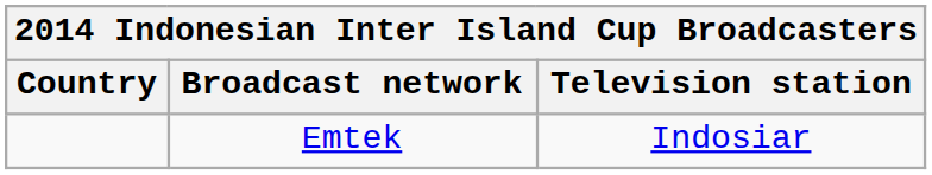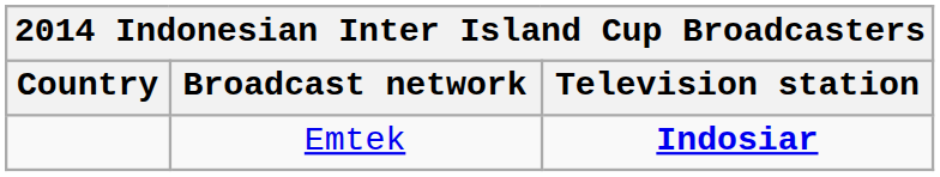 <table class="wikitable" style="font-size:95%; text-align:center">
 <tr>
 <th colspan="3">2014 Indonesian Inter Island Cup Broadcasters</th>
 </tr>
 <tr>
 <th>Country</th>
 <th>Broadcast network</th>
 <th>Television station</th>
 </tr>
 <tr>
 <td align="left"></td>
 <td><a href='#'>Emtek</a></td>
-<td><a href='#'>Indosiar</a></td>
+<td><strong><a href='#'>Indosiar</a></strong></td>
 </tr>
 </table>
